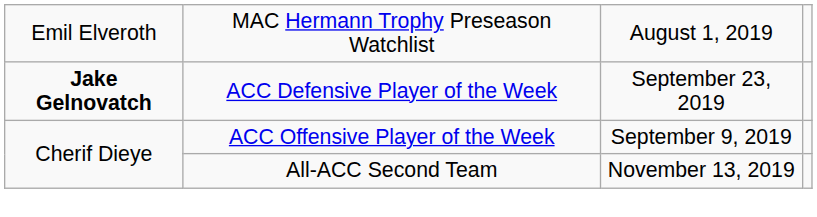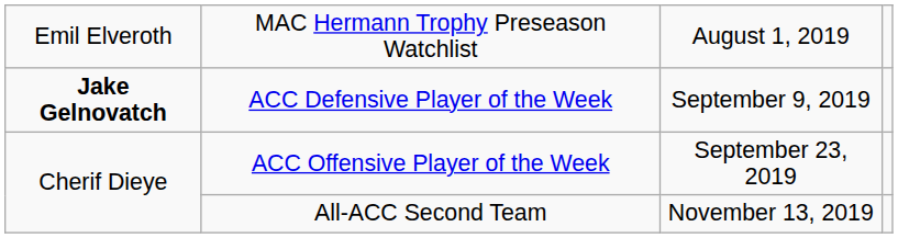 <table class="wikitable sortable" style="text-align: center">
 <tr>
 <td>Emil Elveroth</td>
 <td>MAC <a href='#'>Hermann Trophy</a> Preseason Watchlist</td>
 <td>August 1, 2019</td>
 <td></td>
 </tr>
 <tr>
 <td><strong>Jake Gelnovatch</strong></td>
 <td><a href='#'>ACC Defensive Player of the Week</a></td>
-<td>September 23, 2019</td>
+<td>September 9, 2019</td>
 <td></td>
 </tr>
 <tr>
 <td rowspan=2>Cherif Dieye</td>
 <td><a href='#'>ACC Offensive Player of the Week</a></td>
-<td>September 9, 2019</td>
+<td>September 23, 2019</td>
 <td></td>
 </tr>
 <tr>
 <td>All-ACC Second Team</td>
 <td>November 13, 2019</td>
 <td></td>
 </tr>
 </table>
